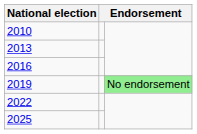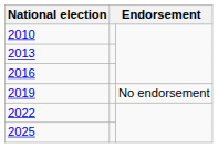 <table class="wikitable">
 <tr>
 <th>National election</th>
 <th colspan="2">Endorsement</th>
 </tr>
 <tr>
 <td><a href='#'>2010</a></td>
 <td></td>
 </tr>
 <tr>
 <td><a href='#'>2013</a></td>
 <td></td>
 </tr>
 <tr>
 <td><a href='#'>2016</a></td>
 <td></td>
 </tr>
 <tr>
 <td><a href='#'>2019</a></td>
 <td></td>
-<td style="background: lightgreen;">No endorsement</td>
+<td>No endorsement</td>
 </tr>
 <tr>
 <td><a href='#'>2022</a></td>
 <td></td>
 </tr>
 <tr>
 <td><a href='#'>2025</a></td>
 <td></td>
 </tr>
 </table>
